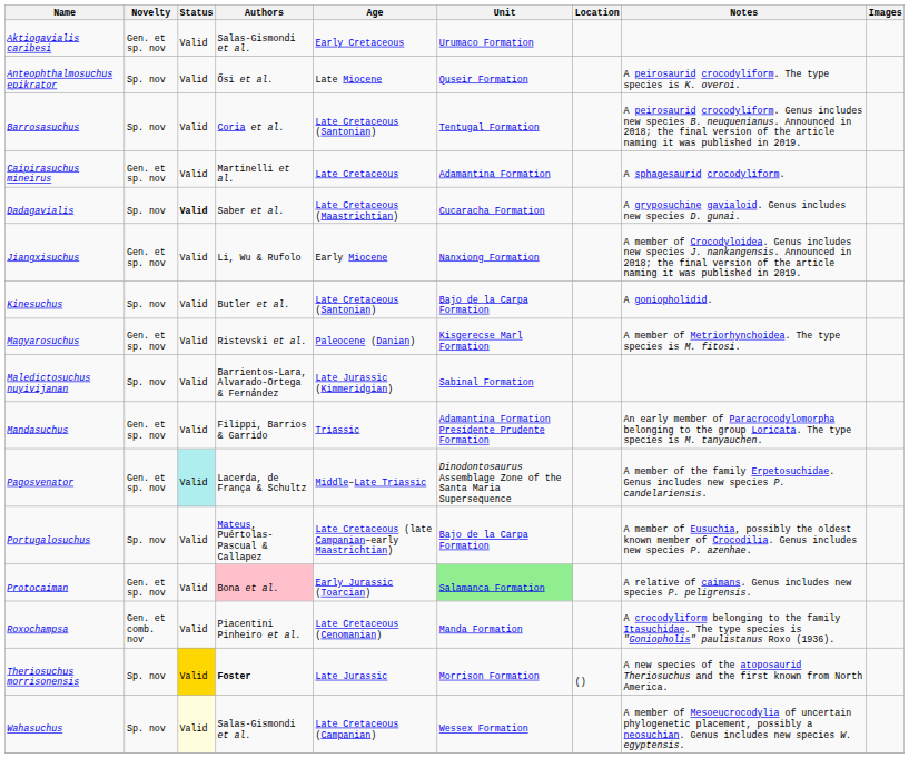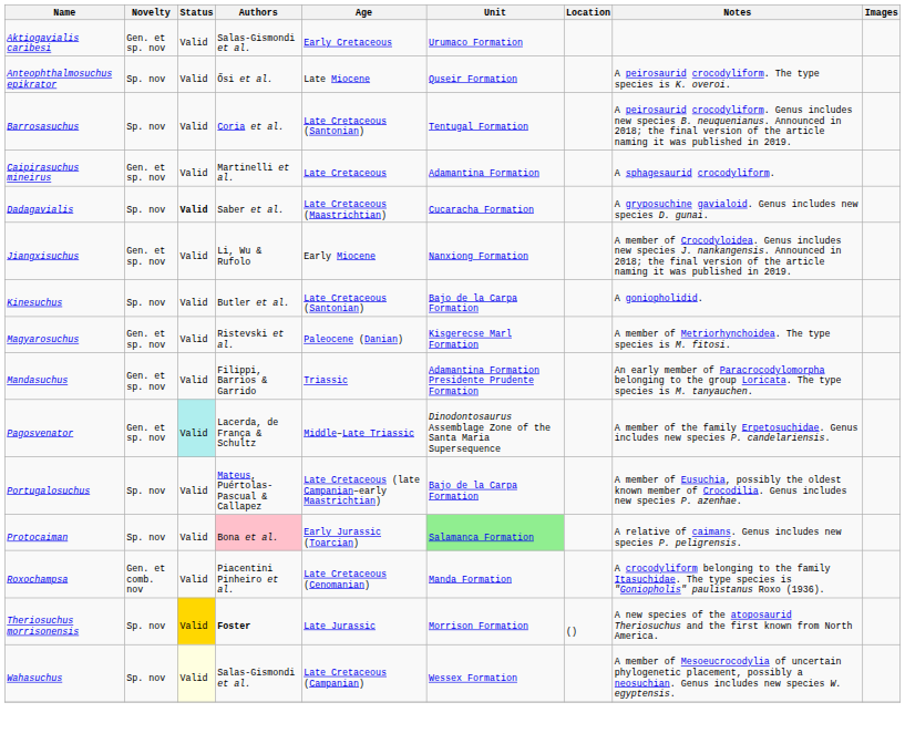 <table class="wikitable sortable" align="center" width="100%">
 <tr>
 <th>Name</th>
 <th>Novelty</th>
 <th>Status</th>
 <th>Authors</th>
 <th>Age</th>
 <th>Unit</th>
 <th>Location</th>
 <th>Notes</th>
 <th>Images</th>
 </tr>
 <tr>
 <td><br><em><a href='#'>Aktiogavialis caribesi</a></em></td>
 <td><br>Gen. et sp. nov</td>
 <td><br>Valid</td>
 <td><br>Salas-Gismondi <em>et al.</em></td>
 <td><br><a href='#'>Early Cretaceous</a></td>
 <td><br><a href='#'>Urumaco Formation</a></td>
 <td><br></td>
 <td></td>
 <td></td>
 </tr>
 <tr>
 <td><br><em><a href='#'>Anteophthalmosuchus epikrator</a></em></td>
 <td><br>Sp. nov</td>
 <td><br>Valid</td>
 <td><br>Ősi <em>et al.</em></td>
 <td><br>Late <a href='#'>Miocene</a></td>
 <td><br><a href='#'>Quseir Formation</a></td>
 <td><br></td>
 <td><br>A <a href='#'>peirosaurid</a> <a href='#'>crocodyliform</a>. The type species is <em>K. overoi</em>.</td>
 <td></td>
 </tr>
 <tr>
 <td><br><em><a href='#'>Barrosasuchus</a></em></td>
 <td><br>Sp. nov</td>
 <td><br>Valid</td>
 <td><br><a href='#'>Coria</a> <em>et al.</em></td>
 <td><br><a href='#'>Late Cretaceous</a> (<a href='#'>Santonian</a>)</td>
 <td><br><a href='#'>Tentugal Formation</a></td>
 <td><br></td>
 <td><br>A <a href='#'>peirosaurid</a> <a href='#'>crocodyliform</a>. Genus includes new species <em>B. neuquenianus</em>. Announced in 2018; the final version of the article naming it was published in 2019.</td>
 <td></td>
 </tr>
 <tr>
 <td><br><em><a href='#'>Caipirasuchus mineirus</a></em></td>
 <td><br>Gen. et sp. nov</td>
 <td><br>Valid</td>
 <td><br>Martinelli <em>et al.</em></td>
 <td><br><a href='#'>Late Cretaceous</a></td>
 <td><br><a href='#'>Adamantina Formation</a></td>
 <td><br></td>
 <td><br>A <a href='#'>sphagesaurid</a> <a href='#'>crocodyliform</a>.</td>
 <td></td>
 </tr>
 <tr>
 <td><br><em><a href='#'>Dadagavialis</a></em></td>
 <td><br>Sp. nov</td>
 <td><strong><br>Valid</strong></td>
 <td><br>Saber <em>et al.</em></td>
 <td><br><a href='#'>Late Cretaceous</a> (<a href='#'>Maastrichtian</a>)</td>
 <td><br><a href='#'>Cucaracha Formation</a></td>
 <td><br></td>
 <td><br>A <a href='#'>gryposuchine</a> <a href='#'>gavialoid</a>. Genus includes new species <em>D. gunai</em>.</td>
 <td></td>
 </tr>
 <tr>
 <td><br><em><a href='#'>Jiangxisuchus</a></em></td>
 <td><br>Gen. et sp. nov</td>
 <td><br>Valid</td>
 <td><br>Li, Wu & Rufolo</td>
 <td><br>Early <a href='#'>Miocene</a></td>
 <td><br><a href='#'>Nanxiong Formation</a></td>
 <td><br></td>
 <td><br>A member of <a href='#'>Crocodyloidea</a>. Genus includes new species <em>J. nankangensis</em>. Announced in 2018; the final version of the article naming it was published in 2019.</td>
 <td></td>
 </tr>
 <tr>
 <td><br><em><a href='#'>Kinesuchus</a></em></td>
 <td><br>Sp. nov</td>
 <td><br>Valid</td>
 <td><br>Butler <em>et al.</em></td>
 <td><br><a href='#'>Late Cretaceous</a> (<a href='#'>Santonian</a>)</td>
 <td><br><a href='#'>Bajo de la Carpa Formation</a></td>
 <td><br></td>
 <td>A <a href='#'>goniopholidid</a>.</td>
 <td></td>
 </tr>
 <tr>
 <td><br><em><a href='#'>Magyarosuchus</a></em></td>
 <td><br>Gen. et sp. nov</td>
 <td><br>Valid</td>
 <td><br>Ristevski <em>et al.</em></td>
 <td><br><a href='#'>Paleocene</a> (<a href='#'>Danian</a>)</td>
 <td><br><a href='#'>Kisgerecse Marl Formation</a></td>
 <td><br></td>
 <td><br>A member of <a href='#'>Metriorhynchoidea</a>. The type species is <em>M. fitosi</em>.</td>
 <td></td>
 </tr>
 <tr>
-<td><br><em><a href='#'>Maledictosuchus nuyivijanan</a></em></td>
-<td><br>Sp. nov</td>
-<td><br>Valid</td>
-<td><br>Barrientos-Lara, Alvarado-Ortega & Fernández</td>
-<td><br><a href='#'>Late Jurassic</a> (<a href='#'>Kimmeridgian</a>)</td>
-<td><br><a href='#'>Sabinal Formation</a></td>
-<td><br></td>
-<td></td>
-<td></td>
-</tr>
-<tr>
 <td><br><em><a href='#'>Mandasuchus</a></em></td>
 <td><br>Gen. et sp. nov</td>
 <td><br>Valid</td>
 <td><br>Filippi, Barrios & Garrido</td>
 <td><br><a href='#'>Triassic</a></td>
 <td><br><a href='#'>Adamantina Formation</a><br> <a href='#'>Presidente Prudente Formation</a></td>
 <td><br></td>
 <td><br>An early member of <a href='#'>Paracrocodylomorpha</a> belonging to the group <a href='#'>Loricata</a>. The type species is <em>M. tanyauchen</em>.</td>
 <td></td>
 </tr>
 <tr>
 <td><br><em><a href='#'>Pagosvenator</a></em></td>
 <td><br>Gen. et sp. nov</td>
 <td style="background: paleturquoise;"><br>Valid</td>
 <td><br>Lacerda, de França & Schultz</td>
 <td><br><a href='#'>Middle</a>–<a href='#'>Late Triassic</a></td>
 <td><br><em>Dinodontosaurus</em> Assemblage Zone of the Santa Maria Supersequence</td>
 <td><br></td>
 <td><br>A member of the family <a href='#'>Erpetosuchidae</a>. Genus includes new species <em>P. candelariensis</em>.</td>
 <td></td>
 </tr>
 <tr>
 <td><br><em><a href='#'>Portugalosuchus</a></em></td>
 <td><br>Sp. nov</td>
 <td><br>Valid</td>
 <td><br><a href='#'>Mateus</a>, Puértolas-Pascual & Callapez</td>
 <td><br><a href='#'>Late Cretaceous</a> (late <a href='#'>Campanian</a>–early <a href='#'>Maastrichtian</a>)</td>
 <td><br><a href='#'>Bajo de la Carpa Formation</a></td>
 <td><br></td>
 <td><br>A member of <a href='#'>Eusuchia</a>, possibly the oldest known member of <a href='#'>Crocodilia</a>. Genus includes new species <em>P. azenhae</em>.</td>
 <td></td>
 </tr>
 <tr>
 <td><br><em><a href='#'>Protocaiman</a></em></td>
-<td><br>Gen. et sp. nov</td>
+<td><br>Sp. nov</td>
 <td><br>Valid</td>
 <td style="background: pink;"><br>Bona <em>et al.</em></td>
 <td><br><a href='#'>Early Jurassic</a> (<a href='#'>Toarcian</a>)</td>
 <td style="background: lightgreen;"><br><a href='#'>Salamanca Formation</a></td>
 <td><br></td>
 <td><br>A relative of <a href='#'>caimans</a>. Genus includes new species <em>P. peligrensis</em>.</td>
 <td></td>
 </tr>
 <tr>
 <td><br><em><a href='#'>Roxochampsa</a></em></td>
 <td><br>Gen. et comb. nov</td>
 <td><br>Valid</td>
 <td><br>Piacentini Pinheiro <em>et al.</em></td>
 <td><br><a href='#'>Late Cretaceous</a> (<a href='#'>Cenomanian</a>)</td>
 <td><br><a href='#'>Manda Formation</a></td>
 <td><br></td>
 <td><br>A <a href='#'>crocodyliform</a> belonging to the family <a href='#'>Itasuchidae</a>. The type species is <em>"<a href='#'>Goniopholis</a>" paulistanus</em> Roxo (1936).</td>
 <td></td>
 </tr>
 <tr>
 <td><br><em><a href='#'>Theriosuchus morrisonensis</a></em></td>
 <td><br>Sp. nov</td>
 <td style="background: gold;"><br>Valid</td>
 <td><strong><br>Foster</strong></td>
 <td><br><a href='#'>Late Jurassic</a></td>
 <td><br><a href='#'>Morrison Formation</a></td>
 <td><br><br>()</td>
 <td><br>A new species of the <a href='#'>atoposaurid</a> <em>Theriosuchus</em> and the first known from North America.</td>
 <td></td>
 </tr>
 <tr>
 <td><br><em><a href='#'>Wahasuchus</a></em></td>
 <td><br>Sp. nov</td>
 <td style="background: lightyellow;"><br>Valid</td>
 <td><br>Salas-Gismondi <em>et al.</em></td>
 <td><br><a href='#'>Late Cretaceous</a> (<a href='#'>Campanian</a>)</td>
 <td><br><a href='#'>Wessex Formation</a></td>
 <td><br></td>
 <td><br>A member of <a href='#'>Mesoeucrocodylia</a> of uncertain phylogenetic placement, possibly a <a href='#'>neosuchian</a>. Genus includes new species <em>W. egyptensis</em>.</td>
 <td></td>
 </tr>
 <tr>
 </tr>
 </table>
